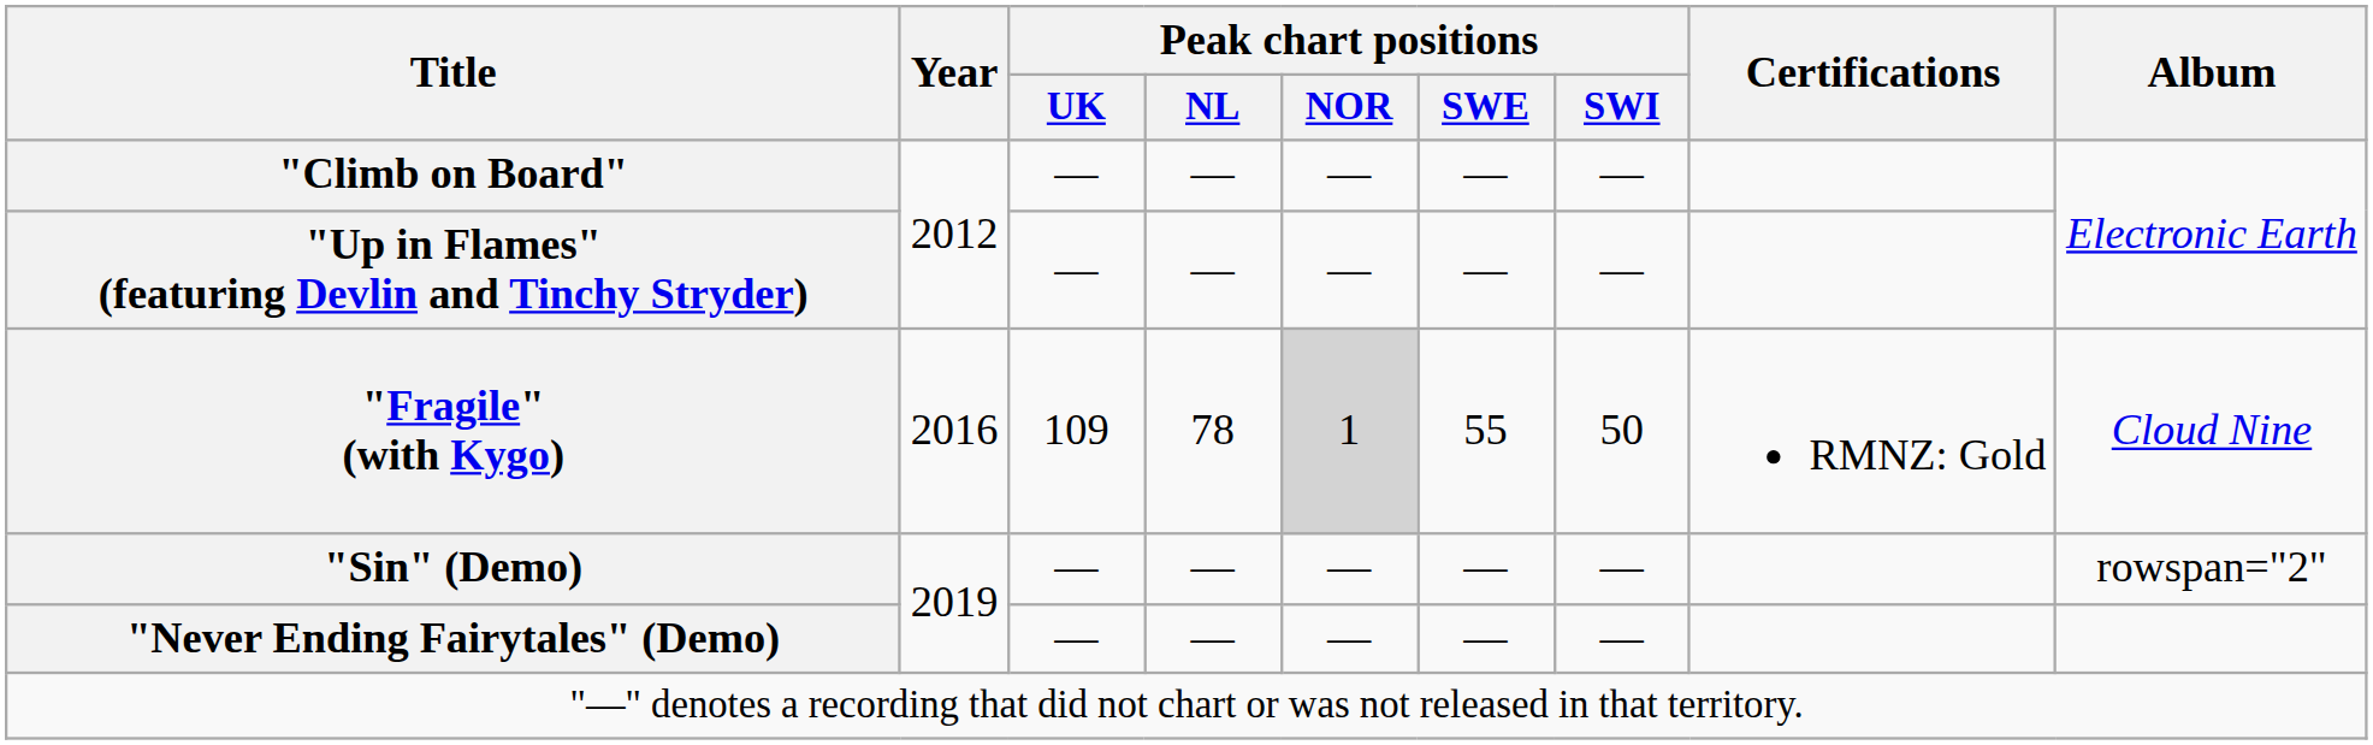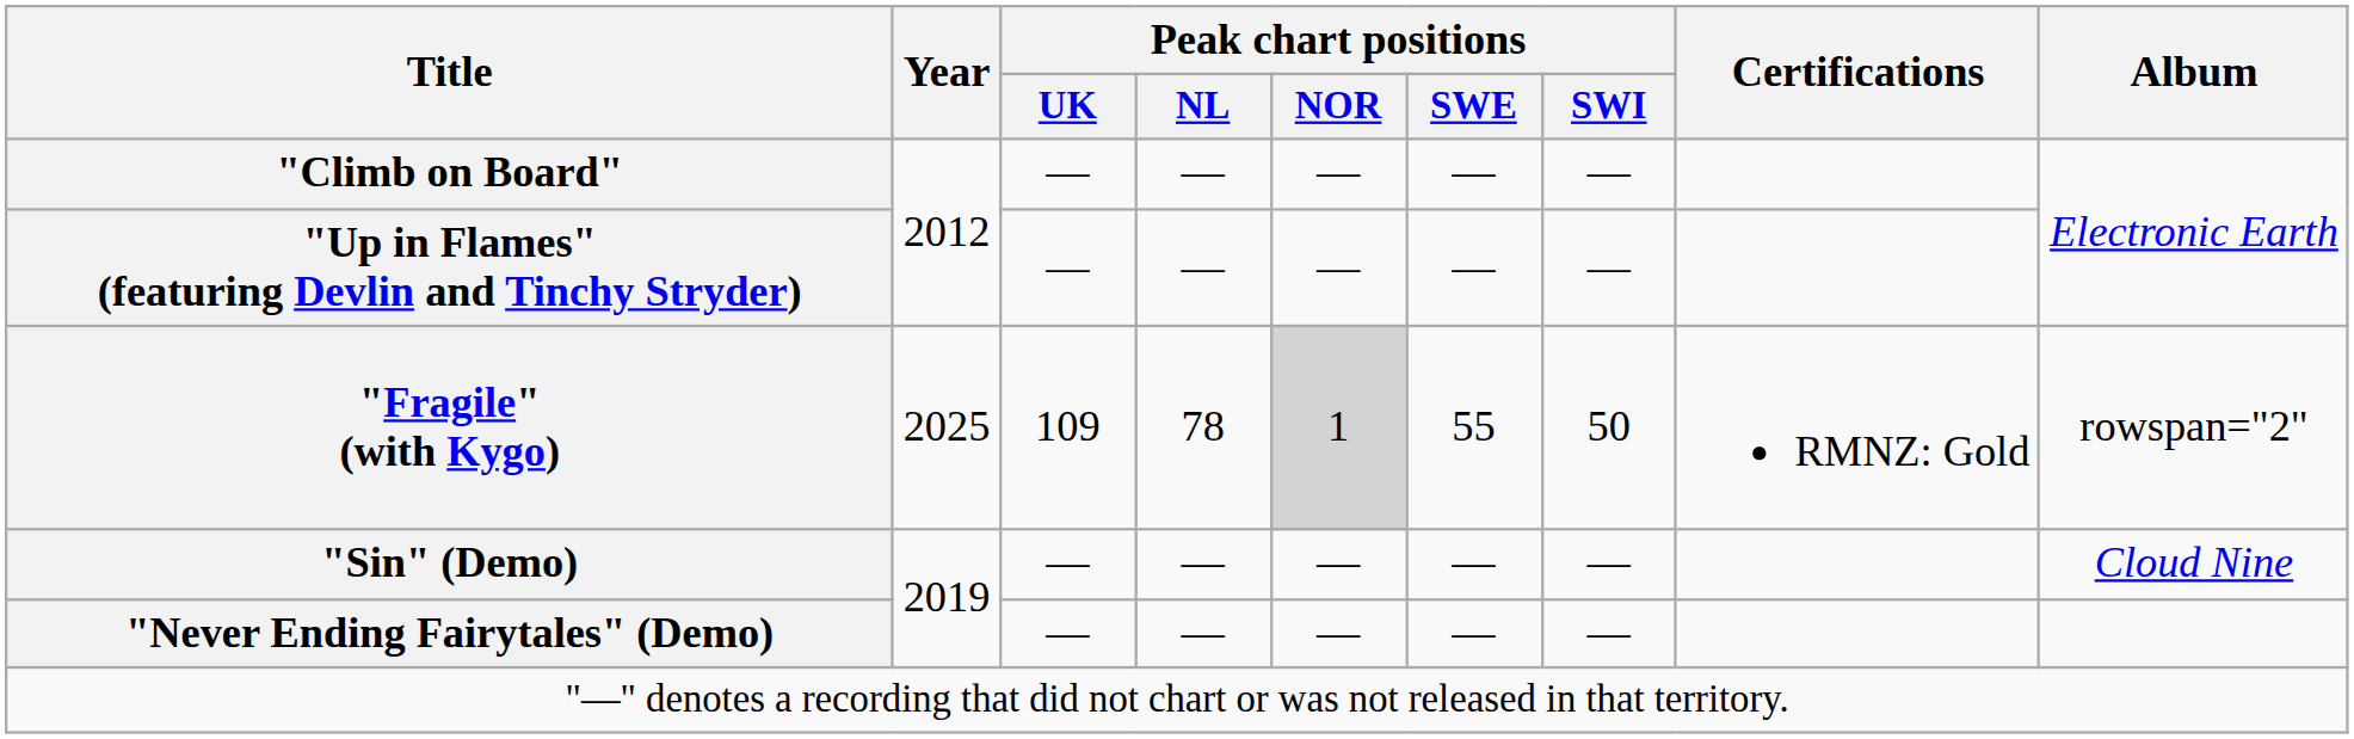 <table class="wikitable plainrowheaders" style="text-align:center;">
 <tr>
 <th scope="col" rowspan="2" style="width:20em;">Title</th>
 <th scope="col" rowspan="2" style="width:1em;">Year</th>
 <th scope="col" colspan="5">Peak chart positions</th>
 <th scope="col" rowspan="2">Certifications</th>
 <th scope="col" rowspan="2">Album</th>
 </tr>
 <tr>
 <th scope="col" style="width:3em;font-size:90%;"><a href='#'>UK</a><br></th>
 <th scope="col" style="width:3em;font-size:90%;"><a href='#'>NL</a><br></th>
 <th scope="col" style="width:3em;font-size:90%;"><a href='#'>NOR</a><br></th>
 <th scope="col" style="width:3em;font-size:90%;"><a href='#'>SWE</a><br></th>
 <th scope="col" style="width:3em;font-size:90%;"><a href='#'>SWI</a><br></th>
 </tr>
 <tr>
 <th scope="row">"Climb on Board"</th>
 <td rowspan="2">2012</td>
 <td>—</td>
 <td>—</td>
 <td>—</td>
 <td>—</td>
 <td>—</td>
 <td></td>
 <td rowspan="2"><em><a href='#'>Electronic Earth</a></em></td>
 </tr>
 <tr>
 <th scope="row">"Up in Flames" <br><span>(featuring <a href='#'>Devlin</a> and <a href='#'>Tinchy Stryder</a>)</span></th>
 <td>—</td>
 <td>—</td>
 <td>—</td>
 <td>—</td>
 <td>—</td>
 <td></td>
 </tr>
 <tr>
 <th scope="row">"<a href='#'>Fragile</a>" <br><span>(with <a href='#'>Kygo</a>)</span></th>
-<td>2016</td>
+<td>2025</td>
 <td>109</td>
 <td>78</td>
 <td style="background: lightgrey;">1</td>
 <td>55</td>
 <td>50</td>
 <td><br><ul><li>RMNZ: Gold</li></ul></td>
-<td><em><a href='#'>Cloud Nine</a></em></td>
+<td>rowspan="2" </td>
 </tr>
 <tr>
 <th scope="row">"Sin" <span>(Demo)</span></th>
 <td rowspan="2">2019</td>
 <td>—</td>
 <td>—</td>
 <td>—</td>
 <td>—</td>
 <td>—</td>
 <td></td>
-<td>rowspan="2" </td>
+<td><em><a href='#'>Cloud Nine</a></em></td>
 </tr>
 <tr>
 <th scope="row">"Never Ending Fairytales" <span>(Demo)</span></th>
 <td>—</td>
 <td>—</td>
 <td>—</td>
 <td>—</td>
 <td>—</td>
 <td></td>
 </tr>
 <tr>
 <td colspan="10" style="font-size:90%">"—" denotes a recording that did not chart or was not released in that territory.</td>
 </tr>
 </table>
